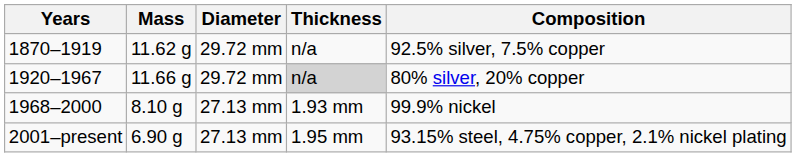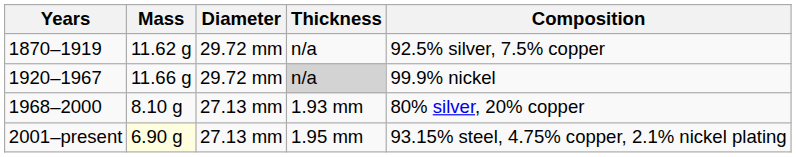 <table class="wikitable">
 <tr>
 <th scope=col>Years</th>
 <th scope=col>Mass</th>
 <th scope=col>Diameter</th>
 <th scope=col>Thickness</th>
 <th scope=col>Composition</th>
 </tr>
 <tr>
 <td>1870–1919</td>
 <td>11.62 g</td>
 <td>29.72 mm</td>
 <td>n/a</td>
 <td>92.5% silver, 7.5% copper</td>
 </tr>
 <tr>
 <td>1920–1967</td>
 <td>11.66 g</td>
 <td>29.72 mm</td>
 <td style="background: lightgrey;">n/a</td>
-<td>80% <a href='#'>silver</a>, 20% copper</td>
+<td>99.9% nickel</td>
 </tr>
 <tr>
 <td>1968–2000</td>
 <td>8.10 g</td>
 <td>27.13 mm</td>
 <td>1.93 mm</td>
-<td>99.9% nickel</td>
+<td>80% <a href='#'>silver</a>, 20% copper</td>
 </tr>
 <tr>
 <td>2001–present</td>
-<td>6.90 g</td>
+<td style="background: lightyellow;">6.90 g</td>
 <td>27.13 mm</td>
 <td>1.95 mm</td>
 <td>93.15% steel, 4.75% copper, 2.1% nickel plating</td>
 </tr>
 </table>
